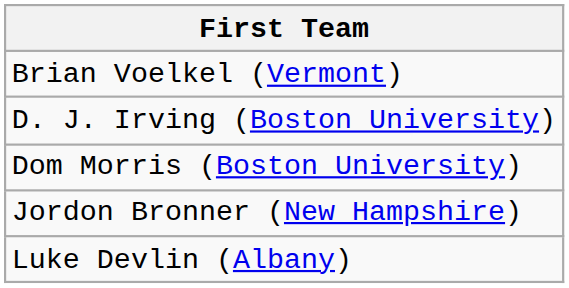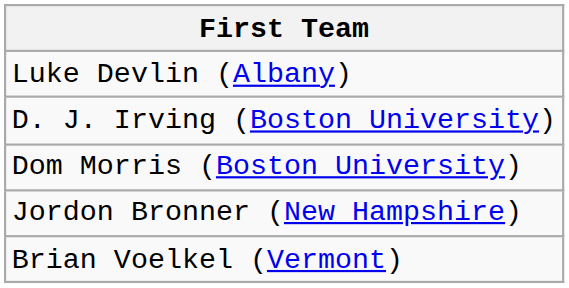 <table class="wikitable">
 <tr>
 <th>First Team</th>
 </tr>
 <tr>
-<td>Brian Voelkel (<a href='#'>Vermont</a>)</td>
+<td>Luke Devlin (<a href='#'>Albany</a>)</td>
 </tr>
 <tr>
 <td>D. J. Irving (<a href='#'>Boston University</a>)</td>
 </tr>
 <tr>
 <td>Dom Morris (<a href='#'>Boston University</a>)</td>
 </tr>
 <tr>
 <td>Jordon Bronner (<a href='#'>New Hampshire</a>)</td>
 </tr>
 <tr>
-<td>Luke Devlin (<a href='#'>Albany</a>)</td>
+<td>Brian Voelkel (<a href='#'>Vermont</a>)</td>
 </tr>
 </table>
